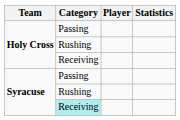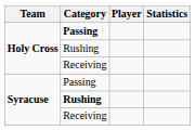 <table class="wikitable" style="float: right;">
 <tr>
 <th>Team</th>
 <th>Category</th>
 <th>Player</th>
 <th>Statistics</th>
 </tr>
 <tr>
 <td rowspan=3><strong>Holy Cross</strong></td>
-<td>Passing</td>
+<td><strong>Passing</strong></td>
 <td></td>
 <td></td>
 </tr>
 <tr>
 <td>Rushing</td>
 <td></td>
 <td></td>
 </tr>
 <tr>
 <td>Receiving</td>
 <td></td>
 <td></td>
 </tr>
 <tr>
 <td rowspan=3><strong>Syracuse</strong></td>
 <td>Passing</td>
 <td></td>
 <td></td>
 </tr>
 <tr>
-<td>Rushing</td>
+<td><strong>Rushing</strong></td>
 <td></td>
 <td></td>
 </tr>
 <tr>
-<td style="background: paleturquoise;">Receiving</td>
+<td>Receiving</td>
 <td></td>
 <td></td>
 </tr>
 </table>
